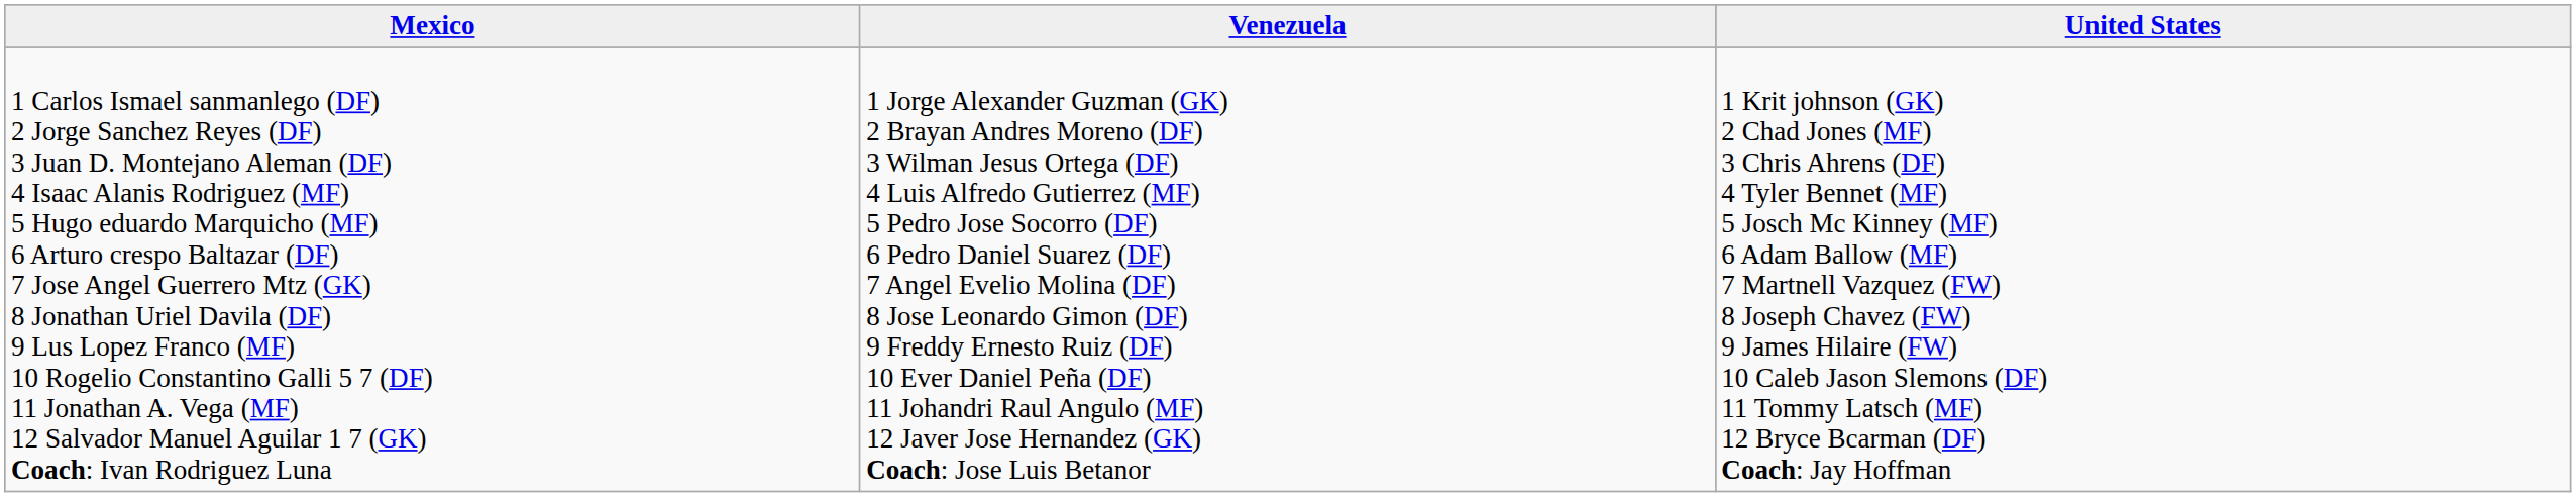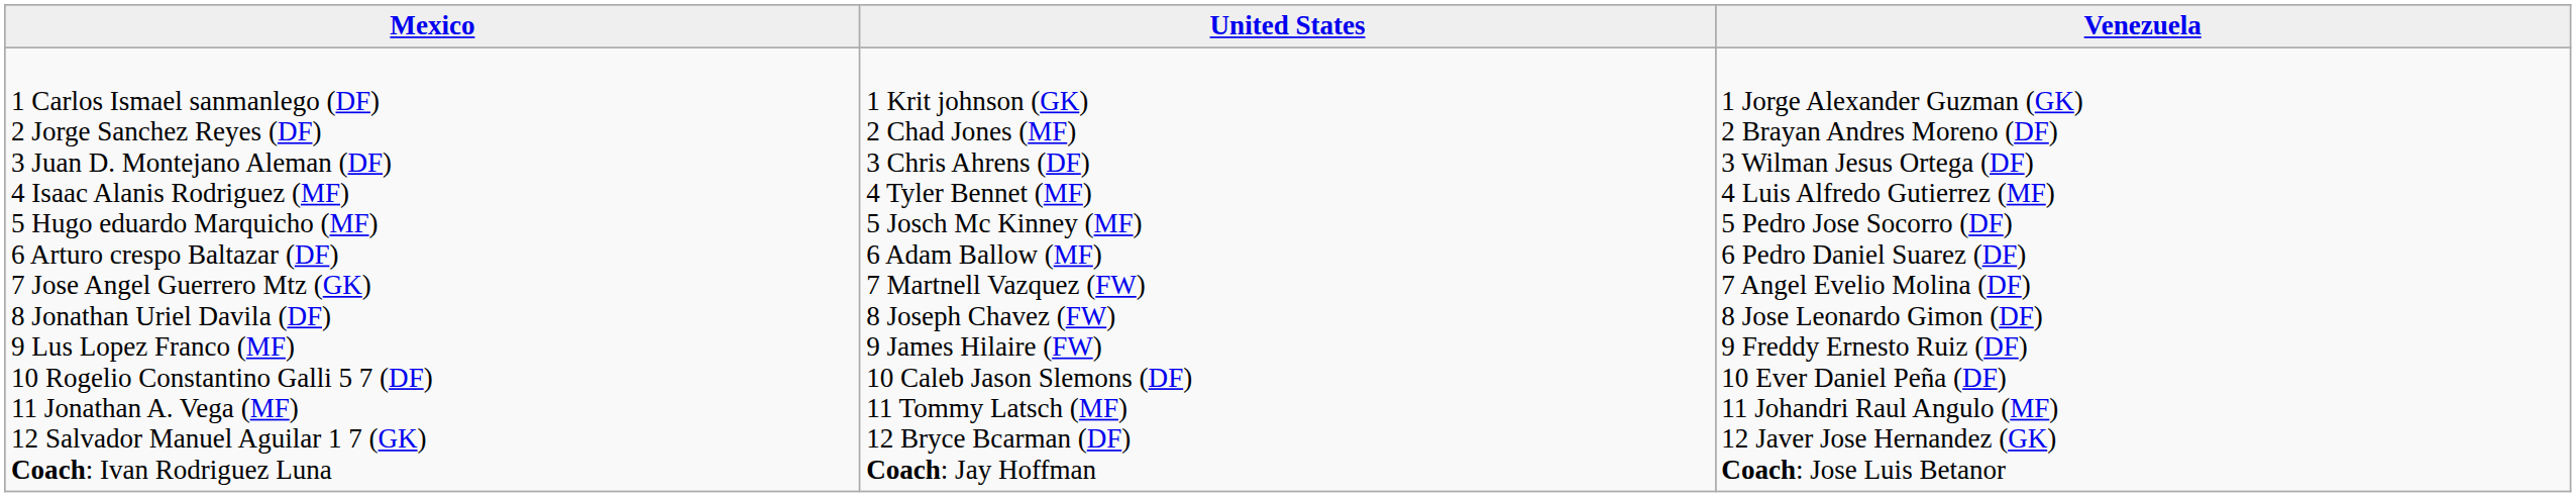 <table class="wikitable mw-collapsible mw-collapsed" cellpadding=5 cellspacing=0 style="width:95%">
 <tr align=center>
 <td bgcolor="#efefef" width="200"><strong> <a href='#'>Mexico</a></strong></td>
+<td bgcolor="#efefef" width="200"><strong> <a href='#'>United States</a></strong></td>
 <td bgcolor="#efefef" width="200"><strong> <a href='#'>Venezuela</a></strong></td>
-<td bgcolor="#efefef" width="200"><strong> <a href='#'>United States</a></strong></td>
 </tr>
 <tr valign=top>
 <td><br>1 Carlos Ismael sanmanlego (<a href='#'>DF</a>)<br> 2 Jorge Sanchez Reyes (<a href='#'>DF</a>)<br> 3 Juan D. Montejano Aleman (<a href='#'>DF</a>)<br> 4 Isaac Alanis Rodriguez (<a href='#'>MF</a>)<br> 5 Hugo eduardo Marquicho (<a href='#'>MF</a>)<br> 6 Arturo crespo Baltazar (<a href='#'>DF</a>)<br> 7 Jose Angel Guerrero Mtz (<a href='#'>GK</a>)<br> 8 Jonathan Uriel Davila (<a href='#'>DF</a>)<br> 9 Lus Lopez Franco (<a href='#'>MF</a>)<br> 10 Rogelio Constantino Galli 5 7 (<a href='#'>DF</a>)<br> 11 Jonathan A. Vega (<a href='#'>MF</a>)<br> 12 Salvador Manuel Aguilar 1 7 (<a href='#'>GK</a>)<br> <strong>Coach</strong>: Ivan Rodriguez Luna</td>
+<td><br>1 Krit johnson (<a href='#'>GK</a>)<br> 2 Chad Jones (<a href='#'>MF</a>)<br> 3 Chris Ahrens (<a href='#'>DF</a>)<br> 4 Tyler Bennet (<a href='#'>MF</a>)<br> 5 Josch Mc Kinney (<a href='#'>MF</a>)<br> 6 Adam Ballow (<a href='#'>MF</a>)<br> 7 Martnell Vazquez (<a href='#'>FW</a>)<br> 8 Joseph Chavez (<a href='#'>FW</a>)<br> 9 James Hilaire (<a href='#'>FW</a>)<br> 10 Caleb Jason Slemons (<a href='#'>DF</a>)<br> 11 Tommy Latsch (<a href='#'>MF</a>)<br> 12 Bryce Bcarman (<a href='#'>DF</a>)<br> <strong>Coach</strong>: Jay Hoffman</td>
 <td><br>1 Jorge Alexander Guzman (<a href='#'>GK</a>)<br> 2 Brayan Andres Moreno (<a href='#'>DF</a>)<br> 3 Wilman Jesus Ortega (<a href='#'>DF</a>)<br> 4 Luis Alfredo Gutierrez (<a href='#'>MF</a>)<br> 5 Pedro Jose Socorro (<a href='#'>DF</a>)<br> 6 Pedro Daniel Suarez (<a href='#'>DF</a>)<br> 7 Angel Evelio Molina (<a href='#'>DF</a>)<br> 8 Jose Leonardo Gimon (<a href='#'>DF</a>)<br> 9 Freddy Ernesto Ruiz (<a href='#'>DF</a>)<br> 10 Ever Daniel Peña (<a href='#'>DF</a>)<br> 11 Johandri Raul Angulo (<a href='#'>MF</a>)<br> 12 Javer Jose Hernandez (<a href='#'>GK</a>)<br> <strong>Coach</strong>: Jose Luis Betanor</td>
-<td><br>1 Krit johnson (<a href='#'>GK</a>)<br> 2 Chad Jones (<a href='#'>MF</a>)<br> 3 Chris Ahrens (<a href='#'>DF</a>)<br> 4 Tyler Bennet (<a href='#'>MF</a>)<br> 5 Josch Mc Kinney (<a href='#'>MF</a>)<br> 6 Adam Ballow (<a href='#'>MF</a>)<br> 7 Martnell Vazquez (<a href='#'>FW</a>)<br> 8 Joseph Chavez (<a href='#'>FW</a>)<br> 9 James Hilaire (<a href='#'>FW</a>)<br> 10 Caleb Jason Slemons (<a href='#'>DF</a>)<br> 11 Tommy Latsch (<a href='#'>MF</a>)<br> 12 Bryce Bcarman (<a href='#'>DF</a>)<br> <strong>Coach</strong>: Jay Hoffman</td>
 </tr>
 </table>
